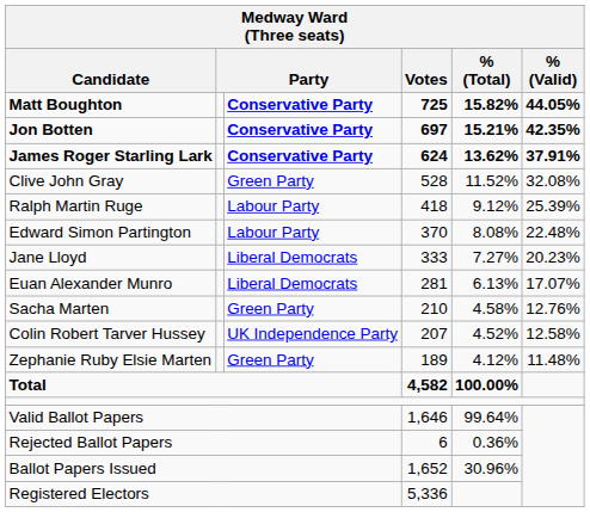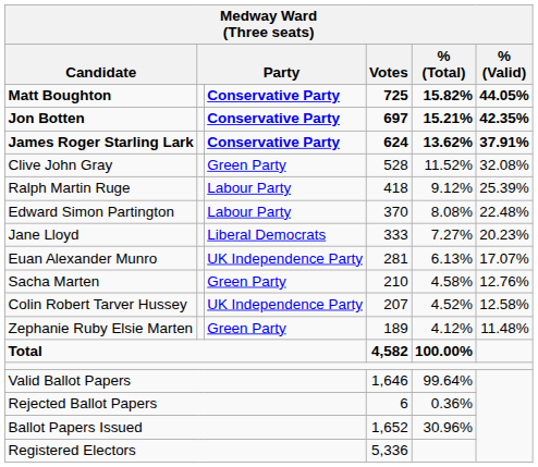 <table class="wikitable" border="1" style="text-align:right; font-size:100%">
 <tr>
 <th align=center colspan=6>Medway Ward<br>(Three seats)</th>
 </tr>
 <tr>
 <th valign=bottom>Candidate</th>
 <th valign=bottom colspan=2>Party</th>
 <th valign=bottom>Votes</th>
 <th>%<br>(Total)</th>
 <th>%<br>(Valid)</th>
 </tr>
 <tr>
 <td align=left><strong>Matt Boughton</strong></td>
 <td style="background:"></td>
 <td align=left><strong><a href='#'>Conservative Party</a></strong></td>
 <td><strong>725</strong></td>
 <td><strong>15.82%</strong></td>
 <td><strong>44.05%</strong></td>
 </tr>
 <tr>
 <td align=left><strong>Jon Botten</strong></td>
 <td style="background:"></td>
 <td align=left><strong><a href='#'>Conservative Party</a></strong></td>
 <td><strong>697</strong></td>
 <td><strong>15.21%</strong></td>
 <td><strong>42.35%</strong></td>
 </tr>
 <tr>
 <td align=left><strong>James Roger Starling Lark</strong></td>
 <td style="background:"></td>
 <td align=left><strong><a href='#'>Conservative Party</a></strong></td>
 <td><strong>624</strong></td>
 <td><strong>13.62%</strong></td>
 <td><strong>37.91%</strong></td>
 </tr>
 <tr>
 <td align=left>Clive John Gray</td>
 <td style="background:"></td>
 <td align=left><a href='#'>Green Party</a></td>
 <td>528</td>
 <td>11.52%</td>
 <td>32.08%</td>
 </tr>
 <tr>
 <td align=left>Ralph Martin Ruge</td>
 <td style="background:"></td>
 <td align=left><a href='#'>Labour Party</a></td>
 <td>418</td>
 <td>9.12%</td>
 <td>25.39%</td>
 </tr>
 <tr>
 <td align=left>Edward Simon Partington</td>
 <td style="background:"></td>
 <td align=left><a href='#'>Labour Party</a></td>
 <td>370</td>
 <td>8.08%</td>
 <td>22.48%</td>
 </tr>
 <tr>
 <td align=left>Jane Lloyd</td>
 <td style="background:"></td>
 <td align=left><a href='#'>Liberal Democrats</a></td>
 <td>333</td>
 <td>7.27%</td>
 <td>20.23%</td>
 </tr>
 <tr>
 <td align=left>Euan Alexander Munro</td>
 <td style="background:"></td>
-<td align=left><a href='#'>Liberal Democrats</a></td>
+<td align=left><a href='#'>UK Independence Party</a></td>
 <td>281</td>
 <td>6.13%</td>
 <td>17.07%</td>
 </tr>
 <tr>
 <td align=left>Sacha Marten</td>
 <td style="background:"></td>
 <td align=left><a href='#'>Green Party</a></td>
 <td>210</td>
 <td>4.58%</td>
 <td>12.76%</td>
 </tr>
 <tr>
 <td align=left>Colin Robert Tarver Hussey</td>
 <td style="background:"></td>
 <td align=left><a href='#'>UK Independence Party</a></td>
 <td>207</td>
 <td>4.52%</td>
 <td>12.58%</td>
 </tr>
 <tr>
 <td align=left>Zephanie Ruby Elsie Marten</td>
 <td style="background:"></td>
 <td align=left><a href='#'>Green Party</a></td>
 <td>189</td>
 <td>4.12%</td>
 <td>11.48%</td>
 </tr>
 <tr style="font-weight:bold">
 <td align=left colspan=3>Total</td>
 <td>4,582</td>
 <td>100.00%</td>
 <td></td>
 </tr>
 <tr>
 <td align=left colspan=6></td>
 </tr>
 <tr>
 <td align=left colspan=3>Valid Ballot Papers</td>
 <td>1,646</td>
 <td>99.64%</td>
 <td rowspan=4></td>
 </tr>
 <tr>
 <td align=left colspan=3>Rejected Ballot Papers</td>
 <td>6</td>
 <td>0.36%</td>
 </tr>
 <tr>
 <td align=left colspan=3>Ballot Papers Issued</td>
 <td>1,652</td>
 <td>30.96%</td>
 </tr>
 <tr>
 <td align=left colspan=3>Registered Electors</td>
 <td>5,336</td>
 <td></td>
 </tr>
 </table>
